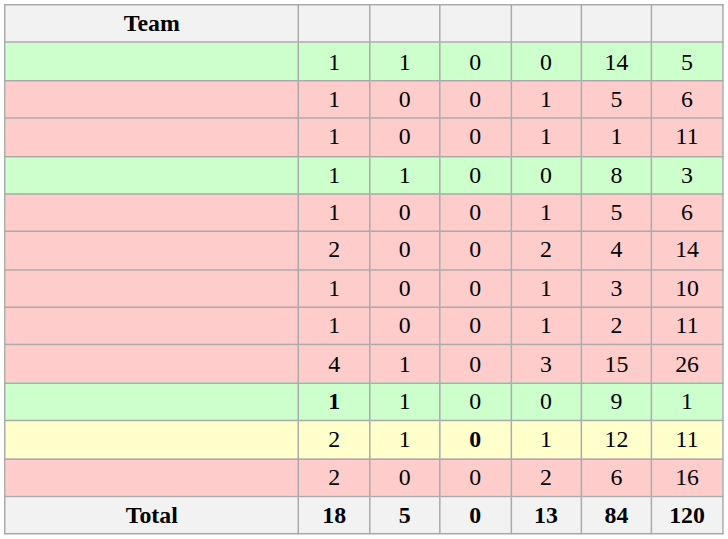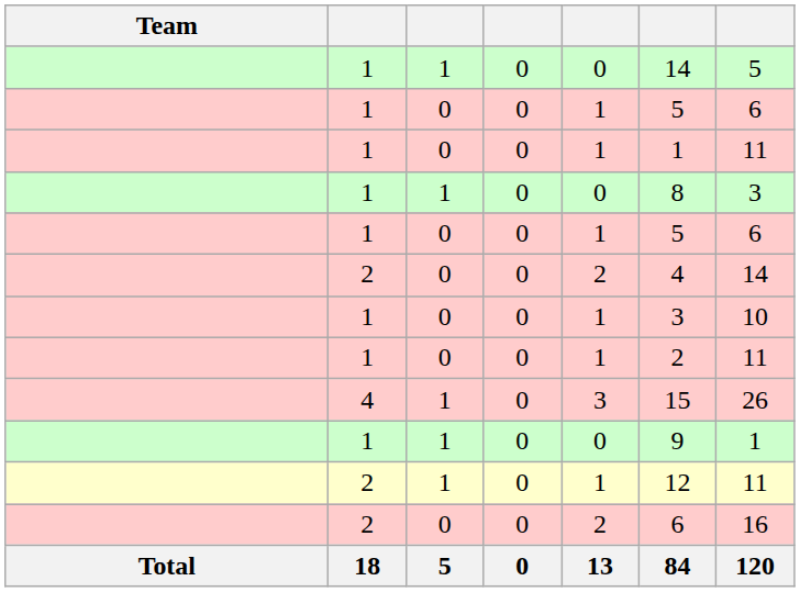 <table class="wikitable" style="text-align:center;">
 <tr>
 <th width=190>Team</th>
 <th width=40></th>
 <th width=40></th>
 <th width=40></th>
 <th width=40></th>
 <th width=40></th>
 <th width=40></th>
 </tr>
 <tr bgcolor=#CCFFCC>
 <td style="text-align:left;"></td>
 <td>1</td>
 <td>1</td>
 <td>0</td>
 <td>0</td>
 <td>14</td>
 <td>5</td>
 </tr>
 <tr bgcolor=#FFCCCC>
 <td style="text-align:left;"></td>
 <td>1</td>
 <td>0</td>
 <td>0</td>
 <td>1</td>
 <td>5</td>
 <td>6</td>
 </tr>
 <tr bgcolor=#FFCCCC>
 <td style="text-align:left;"></td>
 <td>1</td>
 <td>0</td>
 <td>0</td>
 <td>1</td>
 <td>1</td>
 <td>11</td>
 </tr>
 <tr bgcolor=#CCFFCC>
 <td style="text-align:left;"></td>
 <td>1</td>
 <td>1</td>
 <td>0</td>
 <td>0</td>
 <td>8</td>
 <td>3</td>
 </tr>
 <tr bgcolor=#FFCCCC>
 <td style="text-align:left;"></td>
 <td>1</td>
 <td>0</td>
 <td>0</td>
 <td>1</td>
 <td>5</td>
 <td>6</td>
 </tr>
 <tr bgcolor=#FFCCCC>
 <td style="text-align:left;"></td>
 <td>2</td>
 <td>0</td>
 <td>0</td>
 <td>2</td>
 <td>4</td>
 <td>14</td>
 </tr>
 <tr bgcolor=#FFCCCC>
 <td style="text-align:left;"></td>
 <td>1</td>
 <td>0</td>
 <td>0</td>
 <td>1</td>
 <td>3</td>
 <td>10</td>
 </tr>
 <tr bgcolor=#FFCCCC>
 <td style="text-align:left;"></td>
 <td>1</td>
 <td>0</td>
 <td>0</td>
 <td>1</td>
 <td>2</td>
 <td>11</td>
 </tr>
 <tr bgcolor=#FFCCCC>
 <td style="text-align:left;"></td>
 <td>4</td>
 <td>1</td>
 <td>0</td>
 <td>3</td>
 <td>15</td>
 <td>26</td>
 </tr>
 <tr bgcolor=#CCFFCC>
 <td style="text-align:left;"></td>
-<td><strong>1</strong></td>
+<td>1</td>
 <td>1</td>
 <td>0</td>
 <td>0</td>
 <td>9</td>
 <td>1</td>
 </tr>
 <tr bgcolor=#FFFFCC>
 <td style="text-align:left;"></td>
 <td>2</td>
 <td>1</td>
-<td><strong>0</strong></td>
+<td>0</td>
 <td>1</td>
 <td>12</td>
 <td>11</td>
 </tr>
 <tr bgcolor=#FFCCCC>
 <td style="text-align:left;"></td>
 <td>2</td>
 <td>0</td>
 <td>0</td>
 <td>2</td>
 <td>6</td>
 <td>16</td>
 </tr>
 <tr>
 <th>Total</th>
 <th>18</th>
 <th>5</th>
 <th>0</th>
 <th>13</th>
 <th>84</th>
 <th>120</th>
 </tr>
 </table>
